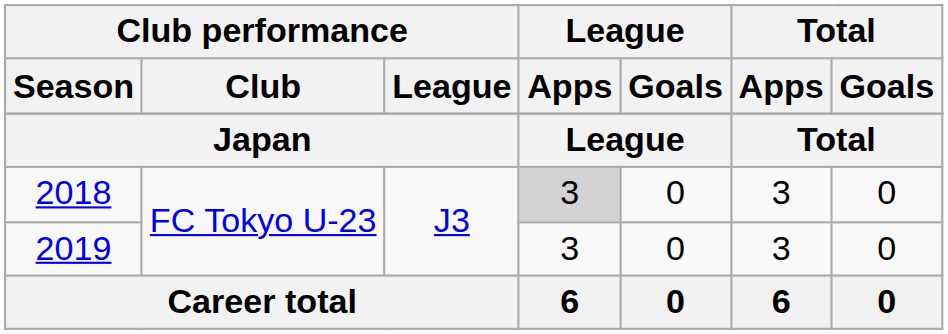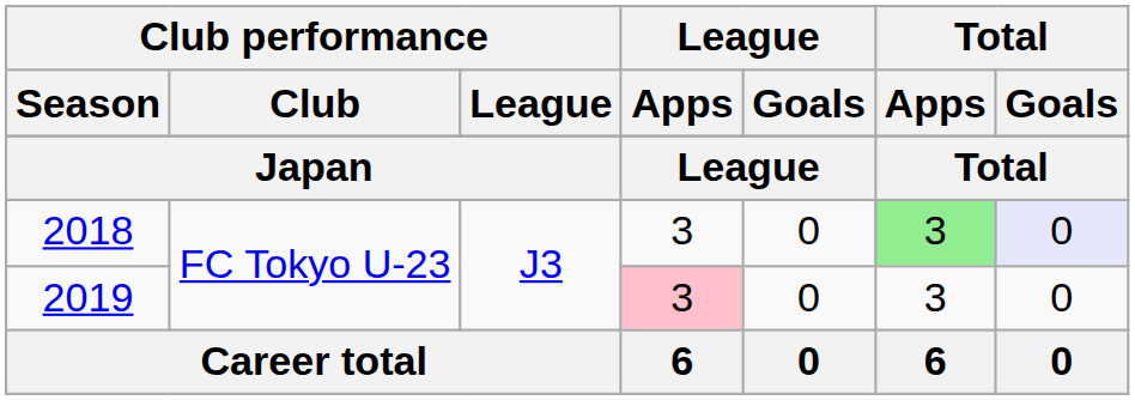 <table class="wikitable" style="text-align:center">
 <tr>
 <th colspan=3>Club performance</th>
 <th colspan=2>League</th>
 <th colspan=2>Total</th>
 </tr>
 <tr>
 <th>Season</th>
 <th>Club</th>
 <th>League</th>
 <th>Apps</th>
 <th>Goals</th>
 <th>Apps</th>
 <th>Goals</th>
 </tr>
 <tr>
 </tr>
 <tr>
 <th colspan=3>Japan</th>
 <th colspan=2>League</th>
 <th colspan=2>Total</th>
 </tr>
 <tr>
 <td><a href='#'>2018</a></td>
 <td rowspan=2><a href='#'>FC Tokyo U-23</a></td>
 <td rowspan=2><a href='#'>J3</a></td>
-<td style="background: lightgrey;">3</td>
-<td>0</td>
 <td>3</td>
 <td>0</td>
+<td style="background: lightgreen;">3</td>
+<td style="background: lavender;">0</td>
 </tr>
 <tr>
 <td><a href='#'>2019</a></td>
-<td>3</td>
+<td style="background: pink;">3</td>
 <td>0</td>
 <td>3</td>
 <td>0</td>
 </tr>
 <tr>
 <th colspan=3>Career total</th>
 <th>6</th>
 <th>0</th>
 <th>6</th>
 <th>0</th>
 </tr>
 </table>
